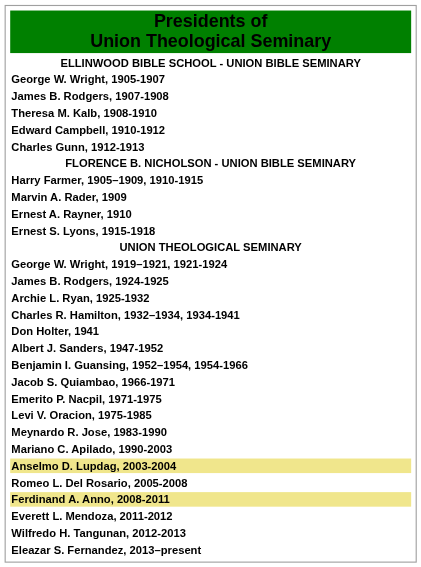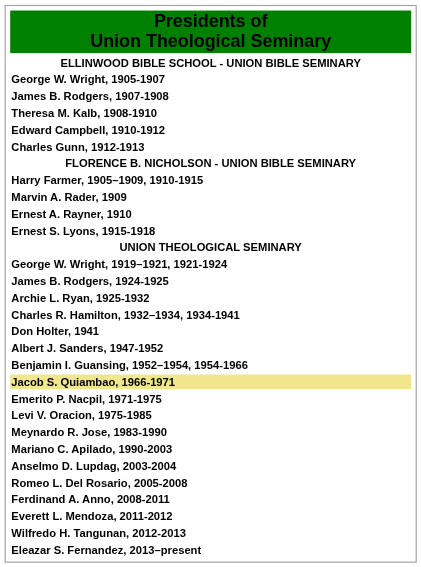 <table style="float:right; margin:1em; width:23em; border:1px solid #a0a0a0; padding:2px; bg-color=white; text-align:right;">
 <tr style="background:green; text-align:center;">
 <td><span><strong>Presidents of <br>Union Theological Seminary</strong></span></td>
 </tr>
 <tr style="text-align:center; font-size:x-small;">
 <td><strong>ELLINWOOD BIBLE SCHOOL - UNION BIBLE SEMINARY</strong></td>
 </tr>
 <tr style="text-align:left; font-size:x-small;">
 <td><strong>George W. Wright, 1905-1907</strong></td>
 </tr>
 <tr style="text-align:left; font-size:x-small;">
 <td><strong>James B. Rodgers, 1907-1908</strong></td>
 </tr>
 <tr style="text-align:left; font-size:x-small;">
 <td><strong>Theresa M. Kalb, 1908-1910</strong></td>
 </tr>
 <tr style="text-align:left; font-size:x-small;">
 <td><strong>Edward Campbell, 1910-1912</strong></td>
 </tr>
 <tr style="text-align:left; font-size:x-small;">
 <td><strong>Charles Gunn, 1912-1913</strong></td>
 </tr>
 <tr style="text-align:center; font-size:x-small;">
 <td><strong>FLORENCE B. NICHOLSON - UNION BIBLE SEMINARY</strong></td>
 </tr>
 <tr style="text-align:left; font-size:x-small;">
 <td><strong>Harry Farmer, 1905–1909, 1910-1915</strong></td>
 </tr>
 <tr style="text-align:left; font-size:x-small;">
 <td><strong>Marvin A. Rader, 1909</strong></td>
 </tr>
 <tr style="text-align:left; font-size:x-small;">
 <td><strong>Ernest A. Rayner, 1910</strong></td>
 </tr>
 <tr style="text-align:left; font-size:x-small;">
 <td><strong>Ernest S. Lyons, 1915-1918</strong></td>
 </tr>
 <tr style="text-align:center; font-size:x-small;">
 <td><strong>UNION THEOLOGICAL SEMINARY</strong></td>
 </tr>
 <tr style="text-align:left; font-size:x-small;">
 <td><strong>George W. Wright, 1919–1921, 1921-1924</strong></td>
 </tr>
 <tr style="text-align:left; font-size:x-small;">
 <td><strong>James B. Rodgers, 1924-1925</strong></td>
 </tr>
 <tr style="text-align:left; font-size:x-small;">
 <td><strong>Archie L. Ryan, 1925-1932</strong></td>
 </tr>
 <tr style="text-align:left; font-size:x-small;">
 <td><strong>Charles R. Hamilton, 1932–1934, 1934-1941</strong></td>
 </tr>
 <tr style="text-align:left; font-size:x-small;">
 <td><strong>Don Holter, 1941</strong></td>
 </tr>
 <tr style="text-align:left; font-size:x-small;">
 <td><strong>Albert J. Sanders, 1947-1952</strong></td>
 </tr>
 <tr style="text-align:left; font-size:x-small;">
 <td><strong>Benjamin I. Guansing, 1952–1954, 1954-1966</strong></td>
 </tr>
 <tr style="text-align:left; font-size:x-small;">
-<td><strong>Jacob S. Quiambao, 1966-1971</strong></td>
+<td style="background: khaki;"><strong>Jacob S. Quiambao, 1966-1971</strong></td>
 </tr>
 <tr style="text-align:left; font-size:x-small;">
 <td><strong>Emerito P. Nacpil, 1971-1975</strong></td>
 </tr>
 <tr style="text-align:left; font-size:x-small;">
 <td><strong>Levi V. Oracion, 1975-1985</strong></td>
 </tr>
 <tr style="text-align:left; font-size:x-small;">
 <td><strong>Meynardo R. Jose, 1983-1990</strong></td>
 </tr>
 <tr style="text-align:left; font-size:x-small;">
 <td><strong>Mariano C. Apilado, 1990-2003</strong></td>
 </tr>
 <tr style="text-align:left; font-size:x-small;">
-<td style="background: khaki;"><strong>Anselmo D. Lupdag, 2003-2004</strong></td>
+<td><strong>Anselmo D. Lupdag, 2003-2004</strong></td>
 </tr>
 <tr style="text-align:left; font-size:x-small;">
 <td><strong>Romeo L. Del Rosario, 2005-2008</strong></td>
 </tr>
 <tr style="text-align:left; font-size:x-small;">
-<td style="background: khaki;"><strong>Ferdinand A. Anno, 2008-2011</strong></td>
+<td><strong>Ferdinand A. Anno, 2008-2011</strong></td>
 </tr>
 <tr style="text-align:left; font-size:x-small;">
 <td><strong>Everett L. Mendoza, 2011-2012</strong></td>
 </tr>
 <tr style="text-align:left; font-size:x-small;">
 <td><strong>Wilfredo H. Tangunan, 2012-2013</strong></td>
 </tr>
 <tr style="text-align:left; font-size:x-small;">
 <td><strong>Eleazar S. Fernandez, 2013–present</strong></td>
 </tr>
 </table>
